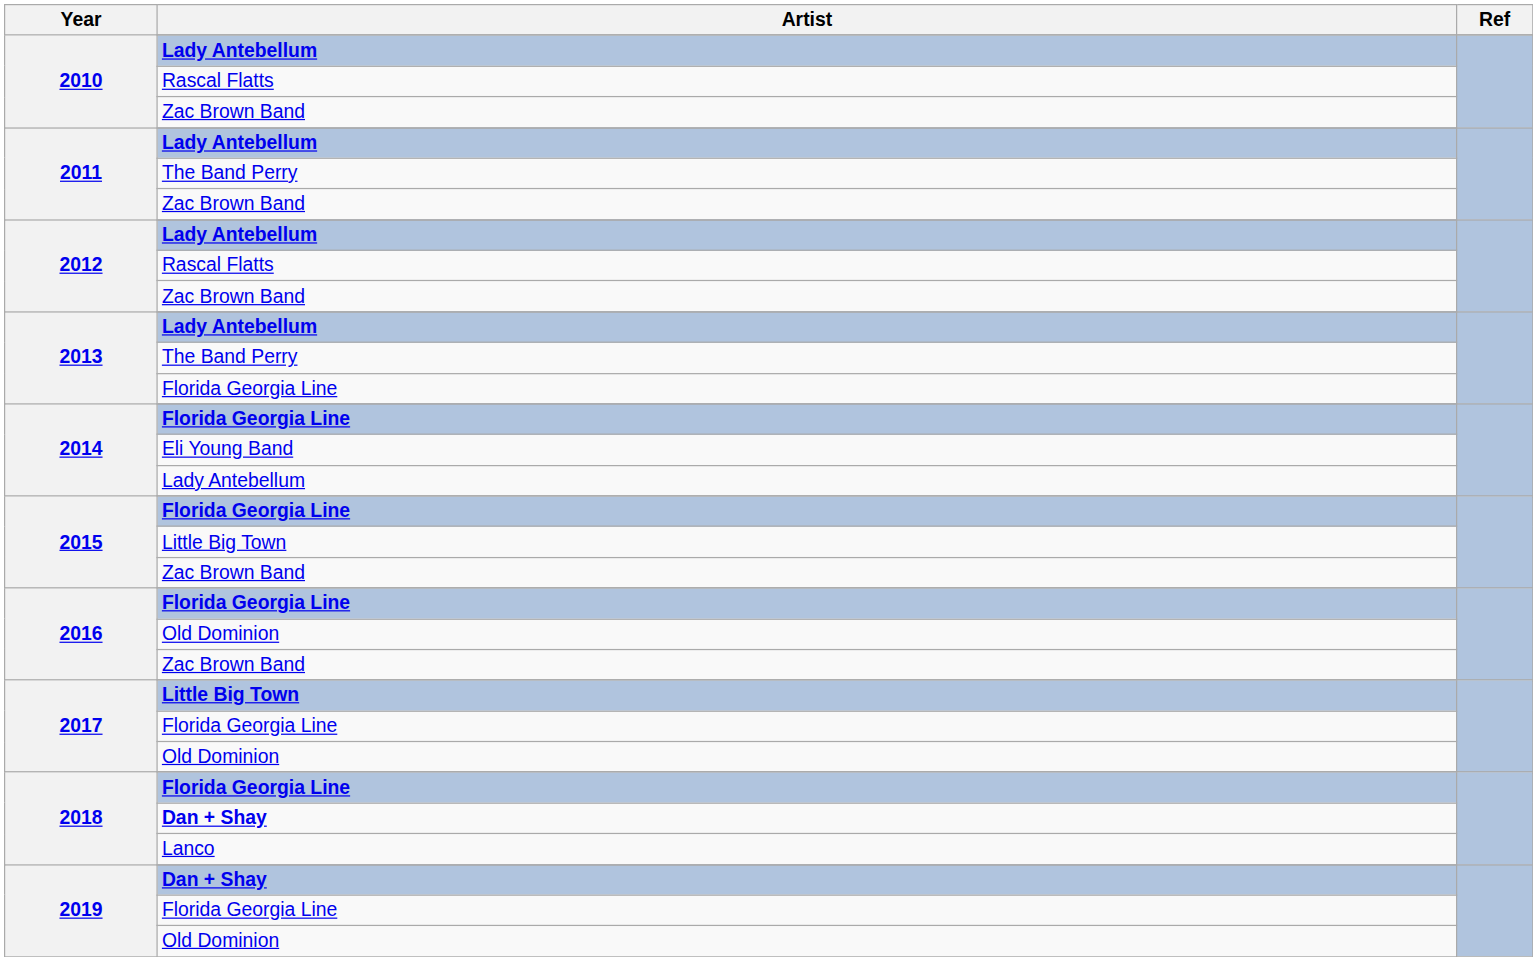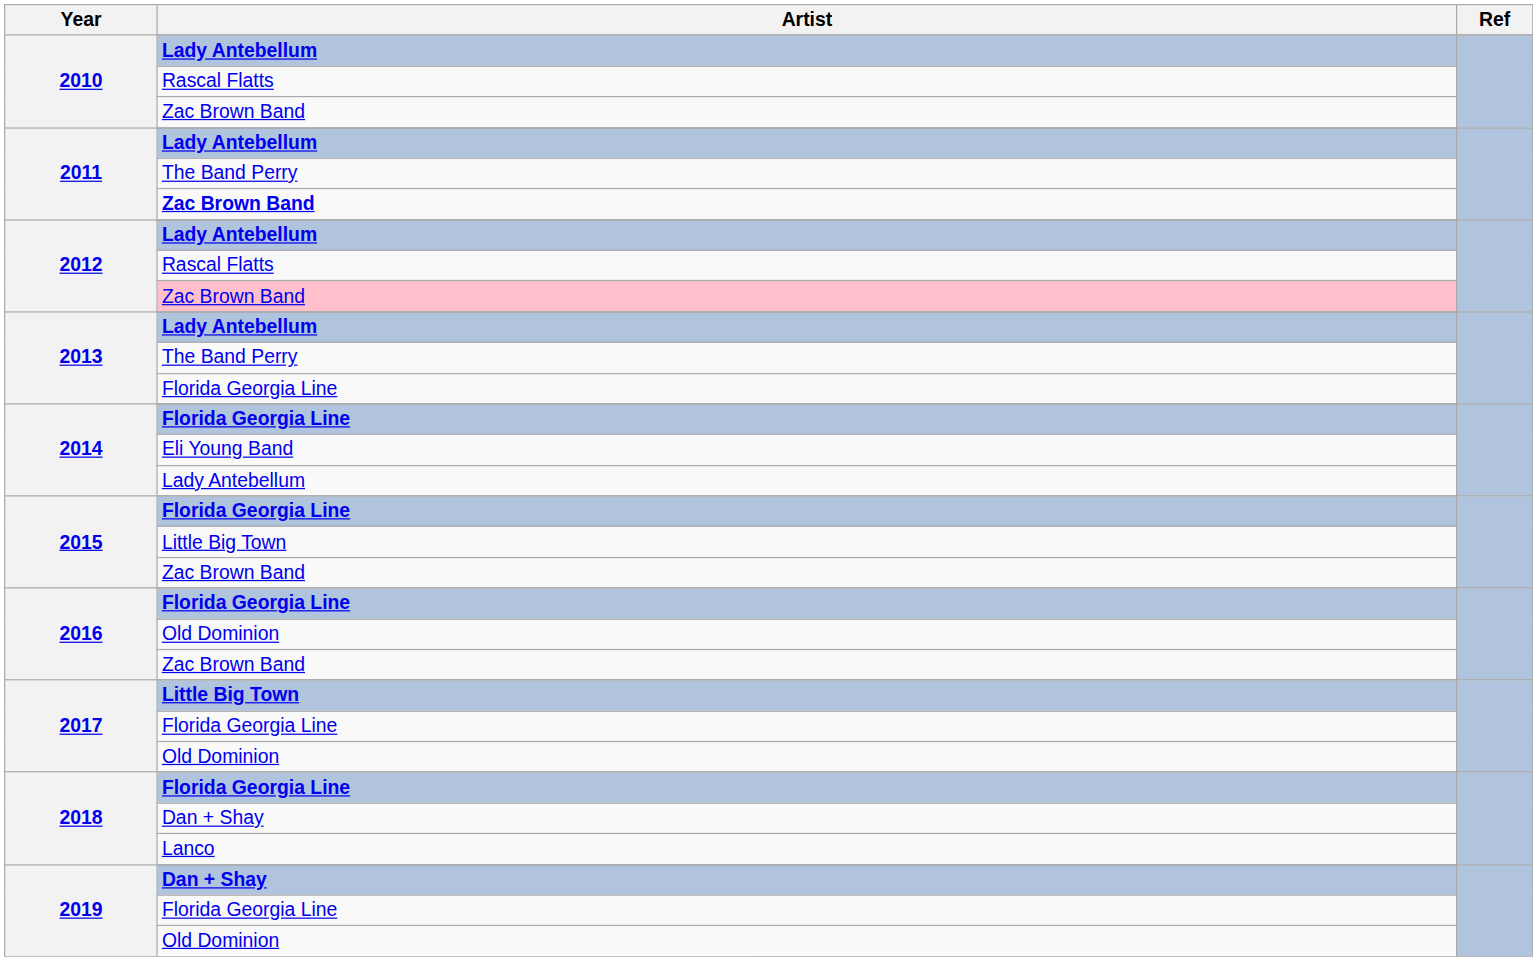 <table class="wikitable" width="100%">
 <tr>
 <th width="10%">Year</th>
 <th width="85%">Artist</th>
 <th width="5%">Ref</th>
 </tr>
 <tr>
 <th rowspan="4" align="center"><a href='#'>2010<br></a></th>
 </tr>
 <tr style="background:#B0C4DE">
 <td><strong><a href='#'>Lady Antebellum</a></strong></td>
 <td rowspan="4" align="center"></td>
 </tr>
 <tr>
 <td><a href='#'>Rascal Flatts</a></td>
 </tr>
 <tr>
 <td><a href='#'>Zac Brown Band</a></td>
 </tr>
 <tr>
 <th rowspan="4" align="center"><a href='#'>2011<br></a></th>
 </tr>
 <tr style="background:#B0C4DE">
 <td><strong><a href='#'>Lady Antebellum</a></strong></td>
 <td rowspan="4" align="center"></td>
 </tr>
 <tr>
 <td><a href='#'>The Band Perry</a></td>
 </tr>
 <tr>
-<td><a href='#'>Zac Brown Band</a></td>
+<td><strong><a href='#'>Zac Brown Band</a></strong></td>
 </tr>
 <tr>
 <th rowspan="4" align="center"><a href='#'>2012<br></a></th>
 </tr>
 <tr style="background:#B0C4DE">
 <td><strong><a href='#'>Lady Antebellum</a></strong></td>
 <td rowspan="4" align="center"></td>
 </tr>
 <tr>
 <td><a href='#'>Rascal Flatts</a></td>
 </tr>
 <tr>
-<td><a href='#'>Zac Brown Band</a></td>
+<td style="background: pink;"><a href='#'>Zac Brown Band</a></td>
 </tr>
 <tr>
 <th rowspan="4" align="center"><a href='#'>2013<br></a></th>
 </tr>
 <tr style="background:#B0C4DE">
 <td><strong><a href='#'>Lady Antebellum</a></strong></td>
 <td rowspan="4" align="center"></td>
 </tr>
 <tr>
 <td><a href='#'>The Band Perry</a></td>
 </tr>
 <tr>
 <td><a href='#'>Florida Georgia Line</a></td>
 </tr>
 <tr>
 <th rowspan="4" align="center"><a href='#'>2014<br></a></th>
 </tr>
 <tr style="background:#B0C4DE">
 <td><strong><a href='#'>Florida Georgia Line</a></strong></td>
 <td rowspan="4" align="center"></td>
 </tr>
 <tr>
 <td><a href='#'>Eli Young Band</a></td>
 </tr>
 <tr>
 <td><a href='#'>Lady Antebellum</a></td>
 </tr>
 <tr>
 <th rowspan="4" align="center"><a href='#'>2015<br></a></th>
 </tr>
 <tr style="background:#B0C4DE">
 <td><strong><a href='#'>Florida Georgia Line</a></strong></td>
 <td rowspan="4" align="center"></td>
 </tr>
 <tr>
 <td><a href='#'>Little Big Town</a></td>
 </tr>
 <tr>
 <td><a href='#'>Zac Brown Band</a></td>
 </tr>
 <tr>
 <th rowspan="4" align="center"><a href='#'>2016<br></a></th>
 </tr>
 <tr style="background:#B0C4DE">
 <td><strong><a href='#'>Florida Georgia Line</a></strong></td>
 <td rowspan="4" align="center"></td>
 </tr>
 <tr>
 <td><a href='#'>Old Dominion</a></td>
 </tr>
 <tr>
 <td><a href='#'>Zac Brown Band</a></td>
 </tr>
 <tr>
 <th rowspan="4" align="center"><a href='#'>2017<br></a></th>
 </tr>
 <tr style="background:#B0C4DE">
 <td><strong><a href='#'>Little Big Town</a></strong></td>
 <td rowspan="4" align="center"></td>
 </tr>
 <tr>
 <td><a href='#'>Florida Georgia Line</a></td>
 </tr>
 <tr>
 <td><a href='#'>Old Dominion</a></td>
 </tr>
 <tr>
 <th rowspan="4" align="center"><a href='#'>2018<br></a></th>
 </tr>
 <tr style="background:#B0C4DE">
 <td><strong><a href='#'>Florida Georgia Line</a></strong></td>
 <td rowspan="4" align="center"></td>
 </tr>
 <tr>
-<td><strong><a href='#'>Dan + Shay</a></strong></td>
+<td><a href='#'>Dan + Shay</a></td>
 </tr>
 <tr>
 <td><a href='#'>Lanco</a></td>
 </tr>
 <tr>
 <th rowspan="4" align="center"><a href='#'>2019<br></a></th>
 </tr>
 <tr style="background:#B0C4DE">
 <td><strong><a href='#'>Dan + Shay</a></strong></td>
 <td rowspan="4" align="center"></td>
 </tr>
 <tr>
 <td><a href='#'>Florida Georgia Line</a></td>
 </tr>
 <tr>
 <td><a href='#'>Old Dominion</a></td>
 </tr>
 </table>
